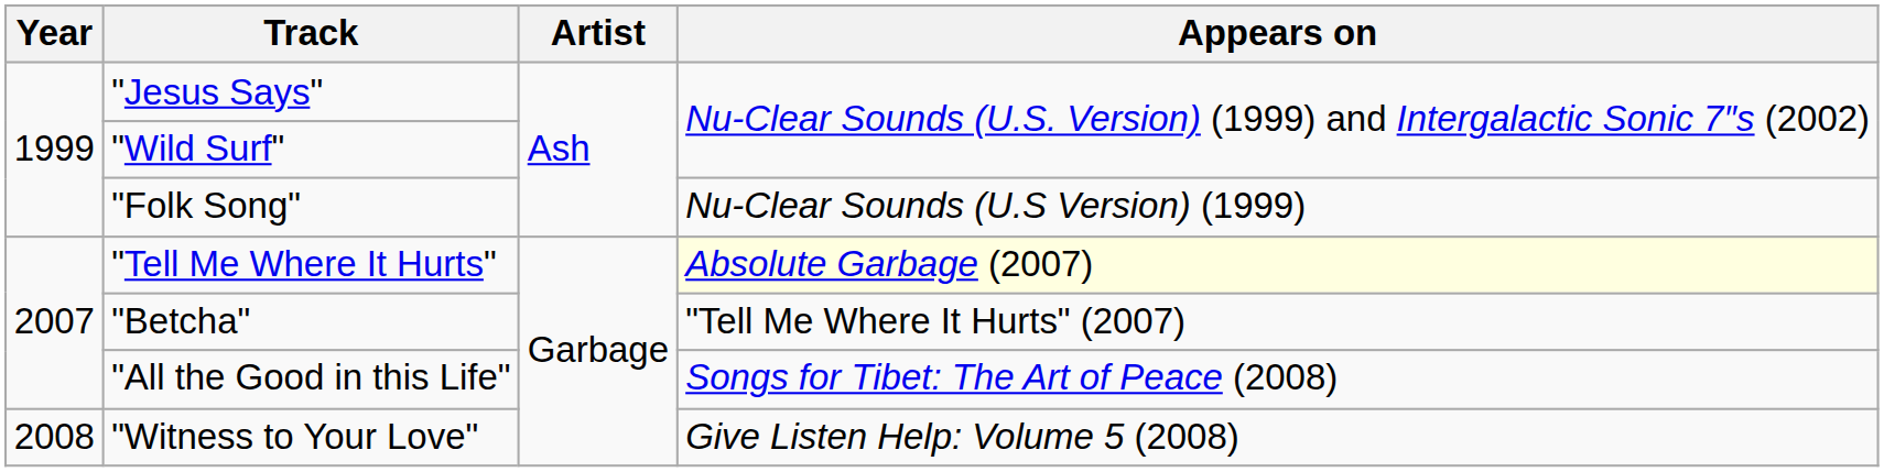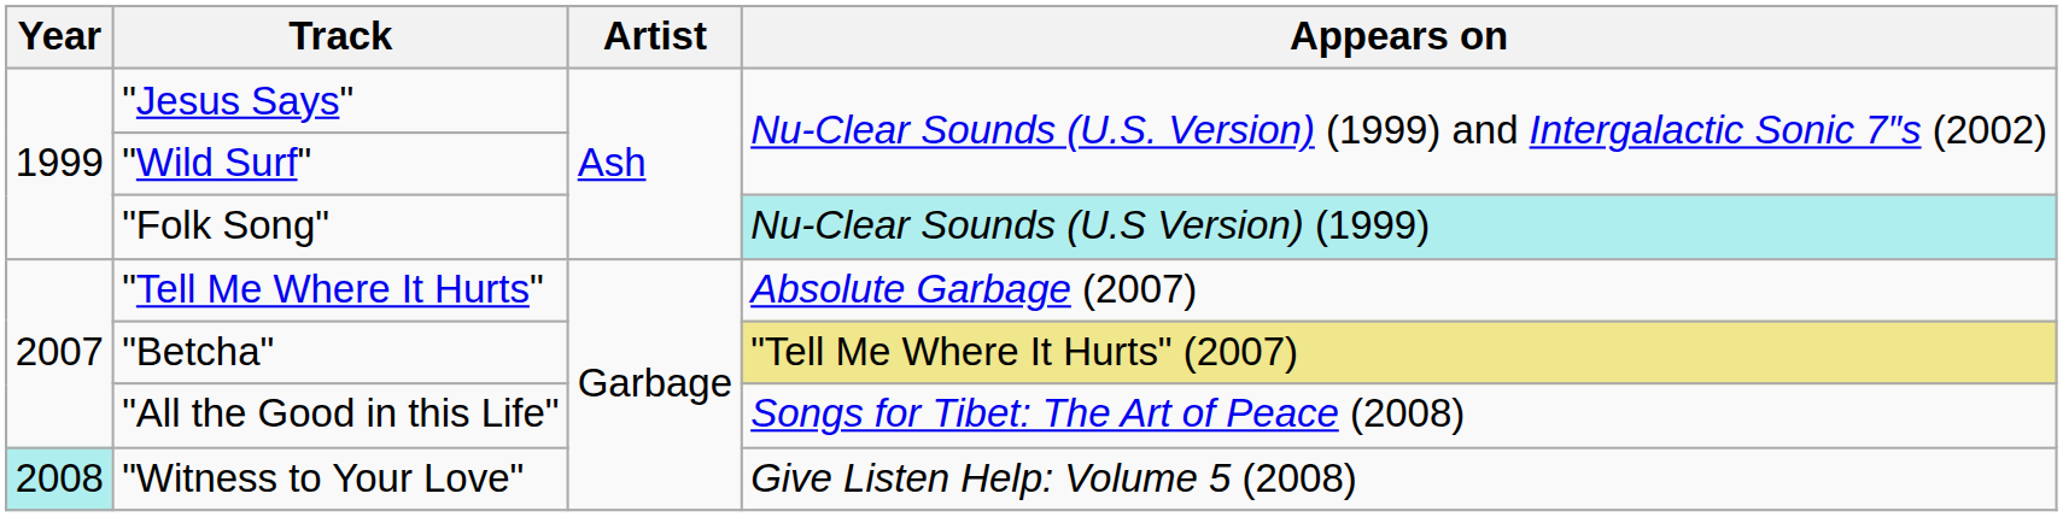 <table class="wikitable">
 <tr>
 <th>Year</th>
 <th>Track</th>
 <th>Artist</th>
 <th>Appears on</th>
 </tr>
 <tr>
 <td rowspan="3">1999</td>
 <td>"<a href='#'>Jesus Says</a>"</td>
 <td rowspan="3"><a href='#'>Ash</a></td>
 <td rowspan="2"><em><a href='#'>Nu-Clear Sounds (U.S. Version)</a></em> (1999) and <em><a href='#'>Intergalactic Sonic 7″s</a></em> (2002)</td>
 </tr>
 <tr>
 <td>"<a href='#'>Wild Surf</a>"</td>
 </tr>
 <tr>
 <td>"Folk Song"</td>
-<td><em>Nu-Clear Sounds (U.S Version)</em> (1999)</td>
+<td style="background: paleturquoise;"><em>Nu-Clear Sounds (U.S Version)</em> (1999)</td>
 </tr>
 <tr>
 <td rowspan="3">2007</td>
 <td>"<a href='#'>Tell Me Where It Hurts</a>"</td>
 <td rowspan="4">Garbage</td>
-<td style="background: lightyellow;"><em><a href='#'>Absolute Garbage</a></em> (2007)</td>
+<td><em><a href='#'>Absolute Garbage</a></em> (2007)</td>
 </tr>
 <tr>
 <td>"Betcha"</td>
-<td>"Tell Me Where It Hurts" (2007)</td>
+<td style="background: khaki;">"Tell Me Where It Hurts" (2007)</td>
 </tr>
 <tr>
 <td>"All the Good in this Life"</td>
 <td><em><a href='#'>Songs for Tibet: The Art of Peace</a></em> (2008)</td>
 </tr>
 <tr>
-<td>2008</td>
+<td style="background: paleturquoise;">2008</td>
 <td>"Witness to Your Love"</td>
 <td><em>Give Listen Help: Volume 5</em> (2008)</td>
 </tr>
 </table>
